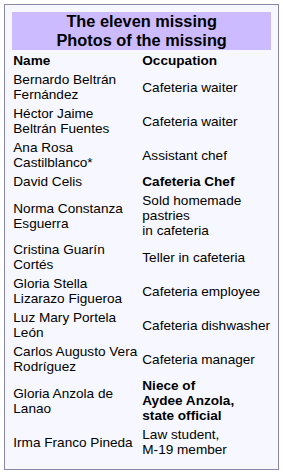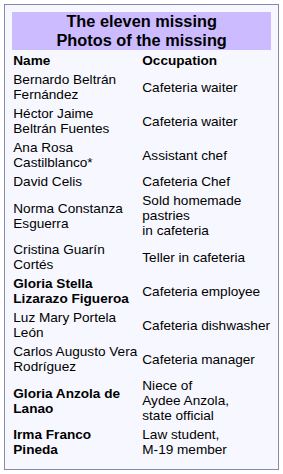 <table cellpadding="1" style="float: right; clear: right; border: 1px solid #8888aa; background: #f7f8ff; padding: 5px; font-size: 85%; margin: 0 15px 0 15px;">
 <tr>
 <th style="background: #ccbbff; text-align: center; padding: 0 5px; font-size: 120%;" colspan=3>The eleven missing<br>Photos of the missing</th>
 </tr>
 <tr>
 <td style="width:125px"><strong>Name</strong></td>
 <td><strong>Occupation</strong></td>
 </tr>
 <tr>
 <td>Bernardo Beltrán Fernández</td>
 <td>Cafeteria waiter</td>
 </tr>
 <tr>
 <td>Héctor Jaime Beltrán Fuentes</td>
 <td>Cafeteria waiter</td>
 </tr>
 <tr>
 <td>Ana Rosa Castilblanco*</td>
 <td>Assistant chef</td>
 </tr>
 <tr>
 <td>David Celis</td>
-<td><strong>Cafeteria Chef</strong></td>
+<td>Cafeteria Chef</td>
 </tr>
 <tr>
 <td>Norma Constanza Esguerra</td>
 <td>Sold homemade <br>pastries<br>in cafeteria</td>
 </tr>
 <tr>
 <td>Cristina Guarín Cortés</td>
 <td>Teller in cafeteria</td>
 </tr>
 <tr>
-<td>Gloria Stella Lizarazo Figueroa</td>
+<td><strong>Gloria Stella Lizarazo Figueroa</strong></td>
 <td>Cafeteria employee</td>
 </tr>
 <tr>
 <td>Luz Mary Portela León</td>
 <td>Cafeteria dishwasher</td>
 </tr>
 <tr>
 <td>Carlos Augusto Vera Rodríguez</td>
 <td>Cafeteria manager</td>
 </tr>
 <tr>
-<td>Gloria Anzola de Lanao</td>
-<td><strong>Niece of <br>Aydee Anzola,<br>state official</strong></td>
+<td><strong>Gloria Anzola de Lanao</strong></td>
+<td>Niece of <br>Aydee Anzola,<br>state official</td>
 </tr>
 <tr>
-<td>Irma Franco Pineda</td>
+<td><strong>Irma Franco Pineda</strong></td>
 <td>Law student,<br> M-19 member</td>
 </tr>
 <tr>
 <td style="padding:0 5px;" align="right"></td>
 </tr>
 <tr>
 </tr>
 </table>
